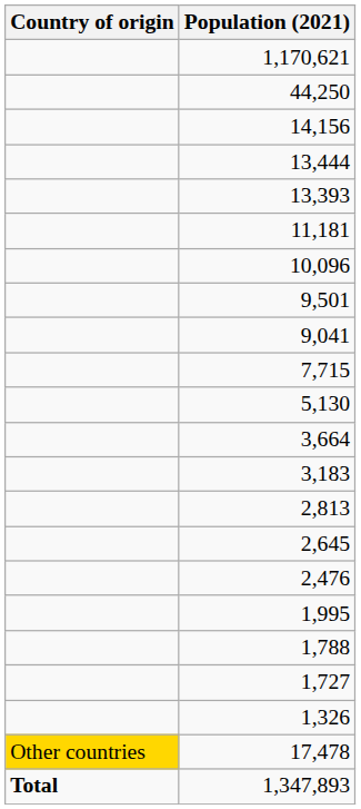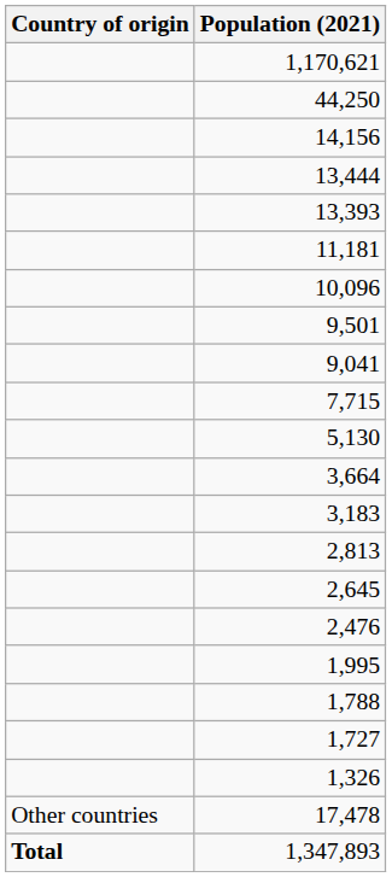 <table class="nowrap sortable mw-datatable wikitable sortable" style="text-align:right">
 <tr>
 <th style="text-align:center">Country of origin</th>
 <th style="text-align:center">Population (2021)</th>
 </tr>
 <tr>
 <td style="text-align:left"></td>
 <td>1,170,621</td>
 </tr>
 <tr>
 <td style="text-align:left"></td>
 <td>44,250</td>
 </tr>
 <tr>
 <td style="text-align:left"></td>
 <td>14,156</td>
 </tr>
 <tr>
 <td style="text-align:left"></td>
 <td>13,444</td>
 </tr>
 <tr>
 <td style="text-align:left"></td>
 <td>13,393</td>
 </tr>
 <tr>
 <td style="text-align:left"></td>
 <td>11,181</td>
 </tr>
 <tr>
 <td style="text-align:left"></td>
 <td>10,096</td>
 </tr>
 <tr>
 <td style="text-align:left"></td>
 <td>9,501</td>
 </tr>
 <tr>
 <td style="text-align:left"></td>
 <td>9,041</td>
 </tr>
 <tr>
 <td style="text-align:left"></td>
 <td>7,715</td>
 </tr>
 <tr>
 <td style="text-align:left"></td>
 <td>5,130</td>
 </tr>
 <tr>
 <td style="text-align:left"></td>
 <td>3,664</td>
 </tr>
 <tr>
 <td style="text-align:left"></td>
 <td>3,183</td>
 </tr>
 <tr>
 <td style="text-align:left"></td>
 <td>2,813</td>
 </tr>
 <tr>
 <td style="text-align:left"></td>
 <td>2,645</td>
 </tr>
 <tr>
 <td style="text-align:left"></td>
 <td>2,476</td>
 </tr>
 <tr>
 <td style="text-align:left"></td>
 <td>1,995</td>
 </tr>
 <tr>
 <td style="text-align:left"></td>
 <td>1,788</td>
 </tr>
 <tr>
 <td style="text-align:left"></td>
 <td>1,727</td>
 </tr>
 <tr>
 <td style="text-align:left"></td>
 <td>1,326</td>
 </tr>
 <tr>
-<td style="background: gold; text-align:left">Other countries</td>
+<td style="text-align:left">Other countries</td>
 <td>17,478</td>
 </tr>
 <tr>
 <td style="text-align:left"><strong>Total</strong></td>
 <td>1,347,893</td>
 </tr>
 <tr>
 </tr>
 </table>
